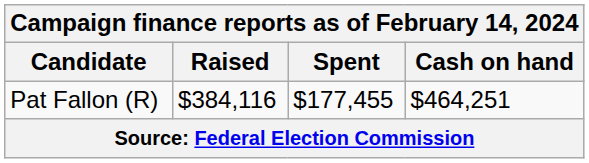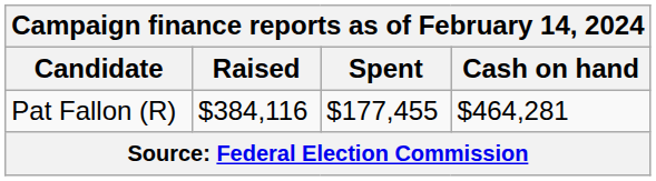 <table class="wikitable sortable">
 <tr>
 <th colspan=4>Campaign finance reports as of February 14, 2024</th>
 </tr>
 <tr style="text-align:center;">
 <th>Candidate</th>
 <th>Raised</th>
 <th>Spent</th>
 <th>Cash on hand</th>
 </tr>
 <tr>
 <td style="background-color:">Pat Fallon (R)</td>
 <td>$384,116</td>
 <td>$177,455</td>
-<td>$464,251</td>
+<td>$464,281</td>
 </tr>
 <tr>
 <th colspan="4"><small>Source: <a href='#'>Federal Election Commission</a></small></th>
 </tr>
 </table>
